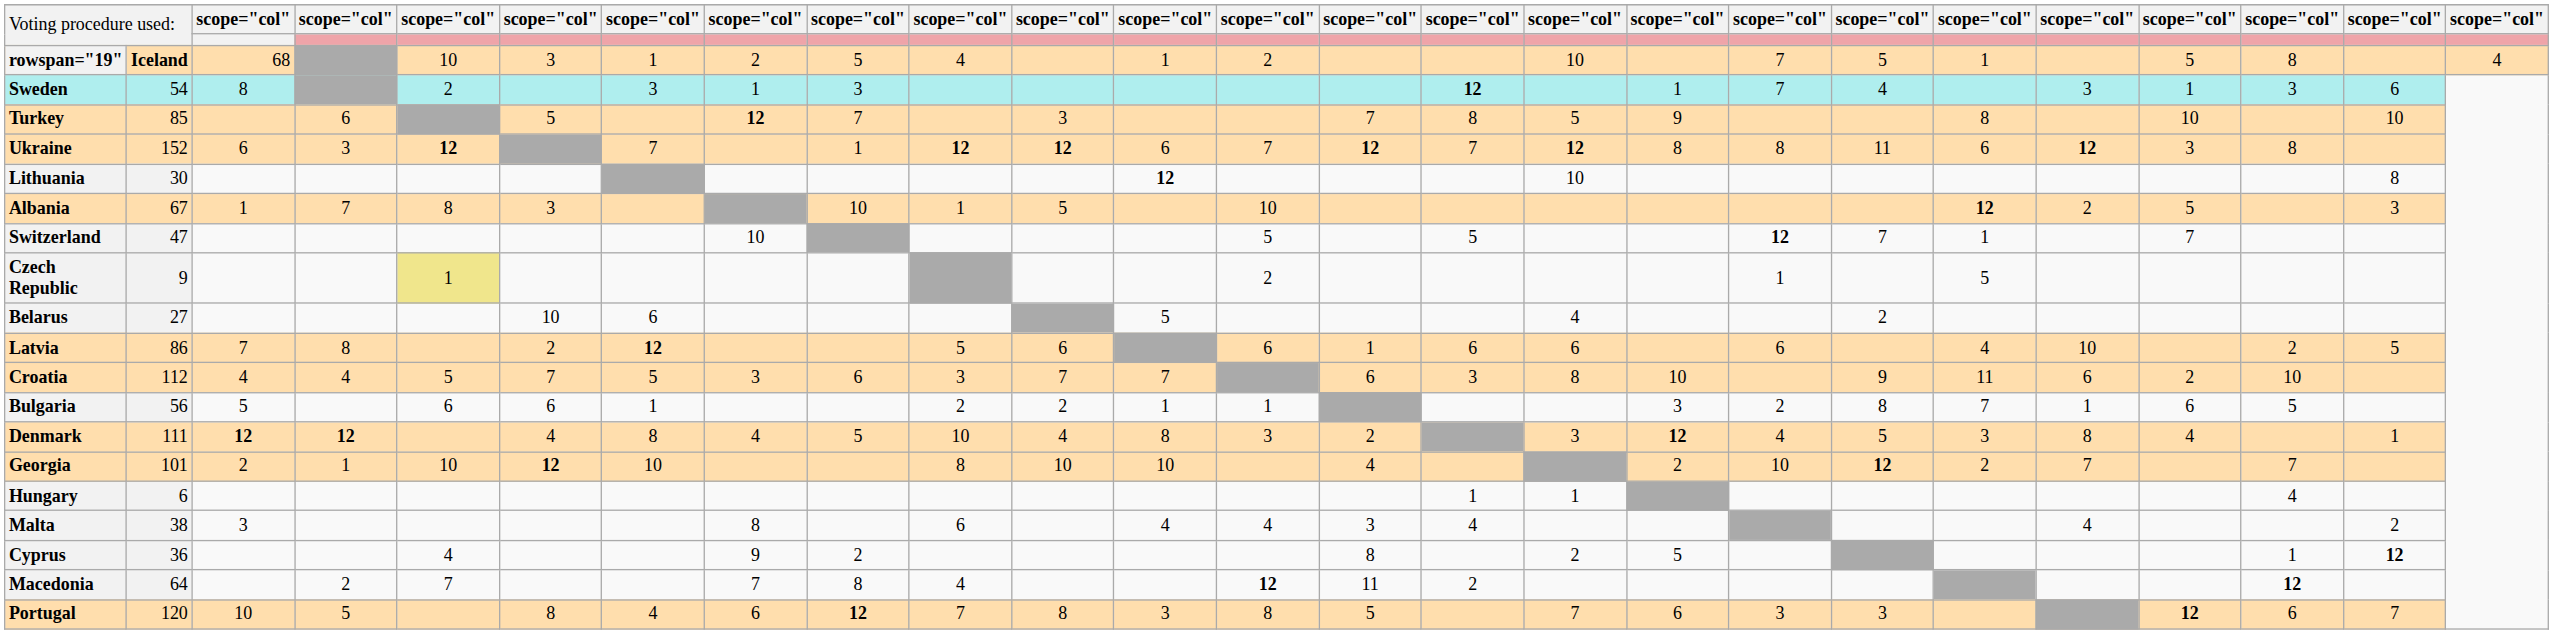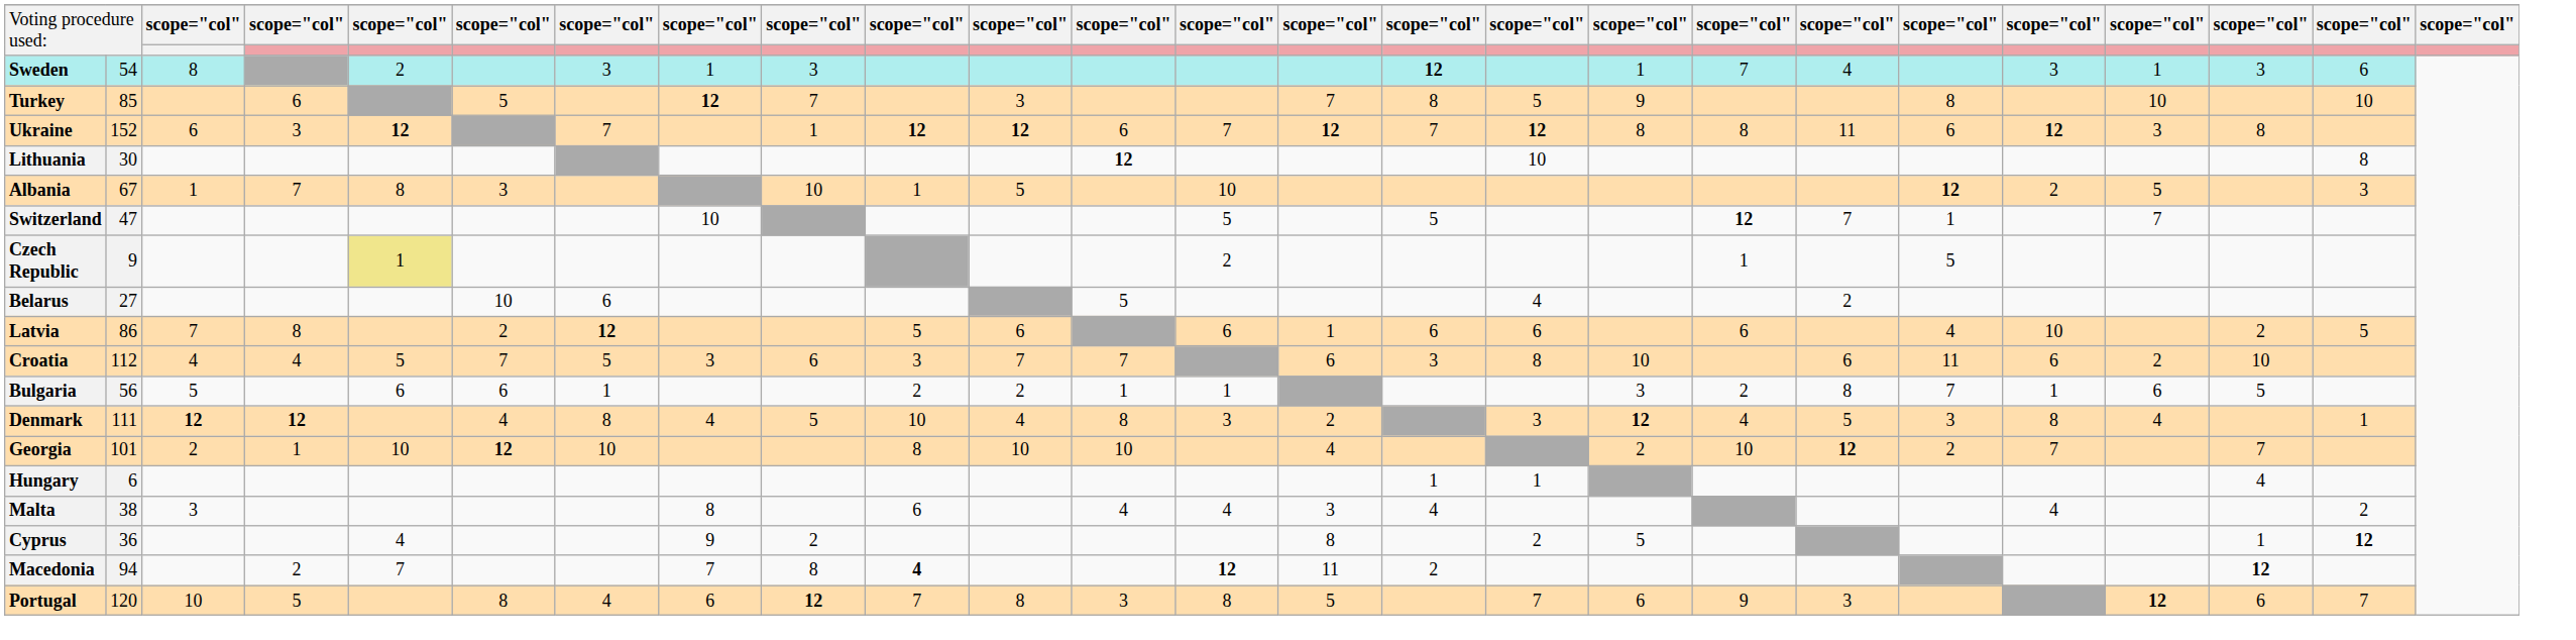 <table class="wikitable plainrowheaders" style="text-align:center; font-size:85%;">
 <tr>
 </tr>
 <tr>
 <td colspan="2" rowspan="2" style="text-align:left; background:#F2F2F2">Voting procedure used:<br></td>
 <th>scope="col" </th>
 <th>scope="col" </th>
 <th>scope="col" </th>
 <th>scope="col" </th>
 <th>scope="col" </th>
 <th>scope="col" </th>
 <th>scope="col" </th>
 <th>scope="col" </th>
 <th>scope="col" </th>
 <th>scope="col" </th>
 <th>scope="col" </th>
 <th>scope="col" </th>
 <th>scope="col" </th>
 <th>scope="col" </th>
 <th>scope="col" </th>
 <th>scope="col" </th>
 <th>scope="col" </th>
 <th>scope="col" </th>
 <th>scope="col" </th>
 <th>scope="col" </th>
 <th>scope="col" </th>
 <th>scope="col" </th>
 <th>scope="col" </th>
 </tr>
 <tr>
 <th style="height:2px; border-top:1px solid transparent;"></th>
 <td style="background:#EFA4A9;"></td>
 <td style="background:#EFA4A9;"></td>
 <td style="background:#EFA4A9;"></td>
 <td style="background:#EFA4A9;"></td>
 <td style="background:#EFA4A9;"></td>
 <td style="background:#EFA4A9;"></td>
 <td style="background:#EFA4A9;"></td>
 <td style="background:#EFA4A9;"></td>
 <td style="background:#EFA4A9;"></td>
 <td style="background:#EFA4A9;"></td>
 <td style="background:#EFA4A9;"></td>
 <td style="background:#EFA4A9;"></td>
 <td style="background:#EFA4A9;"></td>
 <td style="background:#EFA4A9;"></td>
 <td style="background:#EFA4A9;"></td>
 <td style="background:#EFA4A9;"></td>
 <td style="background:#EFA4A9;"></td>
 <td style="background:#EFA4A9;"></td>
 <td style="background:#EFA4A9;"></td>
 <td style="background:#EFA4A9;"></td>
 <td style="background:#EFA4A9;"></td>
 <td style="background:#EFA4A9;"></td>
-</tr>
-<tr style="background:#ffdead;">
-<th>rowspan="19" </th>
-<th scope="row" style="text-align:left; font-weight:bold; background:#ffdead;">Iceland</th>
-<td style="text-align:right;">68</td>
-<td style="text-align:left; background:#aaa;"></td>
-<td>10</td>
-<td>3</td>
-<td>1</td>
-<td>2</td>
-<td>5</td>
-<td>4</td>
-<td></td>
-<td>1</td>
-<td>2</td>
-<td></td>
-<td></td>
-<td>10</td>
-<td></td>
-<td>7</td>
-<td>5</td>
-<td>1</td>
-<td></td>
-<td>5</td>
-<td>8</td>
-<td></td>
-<td>4</td>
 </tr>
 <tr style="background:paleturquoise;">
 <th scope="row" style="text-align:left; font-weight:bold; background:paleturquoise;">Sweden </th>
 <td style="text-align:right;">54</td>
 <td>8</td>
 <td style="text-align:left; background:#aaa;"></td>
 <td>2</td>
 <td></td>
 <td>3</td>
 <td>1</td>
 <td>3</td>
 <td></td>
 <td></td>
 <td></td>
 <td></td>
 <td></td>
 <td><strong>12</strong></td>
 <td></td>
 <td>1</td>
 <td>7</td>
 <td>4</td>
 <td></td>
 <td>3</td>
 <td>1</td>
 <td>3</td>
 <td>6</td>
 </tr>
 <tr style="background:#ffdead;">
 <th scope="row" style="text-align:left; font-weight:bold; background:#ffdead;">Turkey</th>
 <td style="text-align:right;">85</td>
 <td></td>
 <td>6</td>
 <td style="text-align:left; background:#aaa;"></td>
 <td>5</td>
 <td></td>
 <td><strong>12</strong></td>
 <td>7</td>
 <td></td>
 <td>3</td>
 <td></td>
 <td></td>
 <td>7</td>
 <td>8</td>
 <td>5</td>
 <td>9</td>
 <td></td>
 <td></td>
 <td>8</td>
 <td></td>
 <td>10</td>
 <td></td>
 <td>10</td>
 </tr>
 <tr style="background:#ffdead;">
 <th scope="row" style="text-align:left; font-weight:bold; background:#ffdead;">Ukraine</th>
 <td style="text-align:right;">152</td>
 <td>6</td>
 <td>3</td>
 <td><strong>12</strong></td>
 <td style="text-align:left; background:#aaa;"></td>
 <td>7</td>
 <td></td>
 <td>1</td>
 <td><strong>12</strong></td>
 <td><strong>12</strong></td>
 <td>6</td>
 <td>7</td>
 <td><strong>12</strong></td>
 <td>7</td>
 <td><strong>12</strong></td>
 <td>8</td>
 <td>8</td>
 <td>11</td>
 <td>6</td>
 <td><strong>12</strong></td>
 <td>3</td>
 <td>8</td>
 <td></td>
 </tr>
 <tr>
 <th scope="row" style="text-align:left; background:#f2f2f2;">Lithuania</th>
 <td style="text-align:right; background:#f2f2f2;">30</td>
 <td></td>
 <td></td>
 <td></td>
 <td></td>
 <td style="text-align:left; background:#aaa;"></td>
 <td></td>
 <td></td>
 <td></td>
 <td></td>
 <td><strong>12</strong></td>
 <td></td>
 <td></td>
 <td></td>
 <td>10</td>
 <td></td>
 <td></td>
 <td></td>
 <td></td>
 <td></td>
 <td></td>
 <td></td>
 <td>8</td>
 </tr>
 <tr style="background:#ffdead;">
 <th scope="row" style="text-align:left; font-weight:bold; background:#ffdead;">Albania</th>
 <td style="text-align:right;">67</td>
 <td>1</td>
 <td>7</td>
 <td>8</td>
 <td>3</td>
 <td></td>
 <td style="text-align:left; background:#aaa;"></td>
 <td>10</td>
 <td>1</td>
 <td>5</td>
 <td></td>
 <td>10</td>
 <td></td>
 <td></td>
 <td></td>
 <td></td>
 <td></td>
 <td></td>
 <td><strong>12</strong></td>
 <td>2</td>
 <td>5</td>
 <td></td>
 <td>3</td>
 </tr>
 <tr>
 <th scope="row" style="text-align:left; background:#f2f2f2;">Switzerland</th>
 <td style="text-align:right; background:#f2f2f2;">47</td>
 <td></td>
 <td></td>
 <td></td>
 <td></td>
 <td></td>
 <td>10</td>
 <td style="text-align:left; background:#aaa;"></td>
 <td></td>
 <td></td>
 <td></td>
 <td>5</td>
 <td></td>
 <td>5</td>
 <td></td>
 <td></td>
 <td><strong>12</strong></td>
 <td>7</td>
 <td>1</td>
 <td></td>
 <td>7</td>
 <td></td>
 <td></td>
 </tr>
 <tr>
 <th scope="row" style="text-align:left; background:#f2f2f2;">Czech Republic</th>
 <td style="text-align:right; background:#f2f2f2;">9</td>
 <td></td>
 <td></td>
 <td style="background: khaki;">1</td>
 <td></td>
 <td></td>
 <td></td>
 <td></td>
 <td style="text-align:left; background:#aaa;"></td>
 <td></td>
 <td></td>
 <td>2</td>
 <td></td>
 <td></td>
 <td></td>
 <td></td>
 <td>1</td>
 <td></td>
 <td>5</td>
 <td></td>
 <td></td>
 <td></td>
 <td></td>
 </tr>
 <tr>
 <th scope="row" style="text-align:left; background:#f2f2f2;">Belarus</th>
 <td style="text-align:right; background:#f2f2f2;">27</td>
 <td></td>
 <td></td>
 <td></td>
 <td>10</td>
 <td>6</td>
 <td></td>
 <td></td>
 <td></td>
 <td style="text-align:left; background:#aaa;"></td>
 <td>5</td>
 <td></td>
 <td></td>
 <td></td>
 <td>4</td>
 <td></td>
 <td></td>
 <td>2</td>
 <td></td>
 <td></td>
 <td></td>
 <td></td>
 <td></td>
 </tr>
 <tr style="background:#ffdead;">
 <th scope="row" style="text-align:left; font-weight:bold; background:#ffdead;">Latvia</th>
 <td style="text-align:right;">86</td>
 <td>7</td>
 <td>8</td>
 <td></td>
 <td>2</td>
 <td><strong>12</strong></td>
 <td></td>
 <td></td>
 <td>5</td>
 <td>6</td>
 <td style="text-align:left; background:#aaa;"></td>
 <td>6</td>
 <td>1</td>
 <td>6</td>
 <td>6</td>
 <td></td>
 <td>6</td>
 <td></td>
 <td>4</td>
 <td>10</td>
 <td></td>
 <td>2</td>
 <td>5</td>
 </tr>
 <tr style="background:#ffdead;">
 <th scope="row" style="text-align:left; font-weight:bold; background:#ffdead;">Croatia</th>
 <td style="text-align:right;">112</td>
 <td>4</td>
 <td>4</td>
 <td>5</td>
 <td>7</td>
 <td>5</td>
 <td>3</td>
 <td>6</td>
 <td>3</td>
 <td>7</td>
 <td>7</td>
 <td style="text-align:left; background:#aaa;"></td>
 <td>6</td>
 <td>3</td>
 <td>8</td>
 <td>10</td>
 <td></td>
-<td>9</td>
+<td>6</td>
 <td>11</td>
 <td>6</td>
 <td>2</td>
 <td>10</td>
 <td></td>
 </tr>
 <tr>
 <th scope="row" style="text-align:left; background:#f2f2f2;">Bulgaria</th>
 <td style="text-align:right; background:#f2f2f2;">56</td>
 <td>5</td>
 <td></td>
 <td>6</td>
 <td>6</td>
 <td>1</td>
 <td></td>
 <td></td>
 <td>2</td>
 <td>2</td>
 <td>1</td>
 <td>1</td>
 <td style="text-align:left; background:#aaa;"></td>
 <td></td>
 <td></td>
 <td>3</td>
 <td>2</td>
 <td>8</td>
 <td>7</td>
 <td>1</td>
 <td>6</td>
 <td>5</td>
 <td></td>
 </tr>
 <tr style="background:#ffdead;">
 <th scope="row" style="text-align:left; font-weight:bold; background:#ffdead;">Denmark</th>
 <td style="text-align:right;">111</td>
 <td><strong>12</strong></td>
 <td><strong>12</strong></td>
 <td></td>
 <td>4</td>
 <td>8</td>
 <td>4</td>
 <td>5</td>
 <td>10</td>
 <td>4</td>
 <td>8</td>
 <td>3</td>
 <td>2</td>
 <td style="text-align:left; background:#aaa;"></td>
 <td>3</td>
 <td><strong>12</strong></td>
 <td>4</td>
 <td>5</td>
 <td>3</td>
 <td>8</td>
 <td>4</td>
 <td></td>
 <td>1</td>
 </tr>
 <tr style="background:#ffdead;">
 <th scope="row" style="text-align:left; font-weight:bold; background:#ffdead;">Georgia</th>
 <td style="text-align:right;">101</td>
 <td>2</td>
 <td>1</td>
 <td>10</td>
 <td><strong>12</strong></td>
 <td>10</td>
 <td></td>
 <td></td>
 <td>8</td>
 <td>10</td>
 <td>10</td>
 <td></td>
 <td>4</td>
 <td></td>
 <td style="text-align:left; background:#aaa;"></td>
 <td>2</td>
 <td>10</td>
 <td><strong>12</strong></td>
 <td>2</td>
 <td>7</td>
 <td></td>
 <td>7</td>
 <td></td>
 </tr>
 <tr>
 <th scope="row" style="text-align:left; background:#f2f2f2;">Hungary</th>
 <td style="text-align:right; background:#f2f2f2;">6</td>
 <td></td>
 <td></td>
 <td></td>
 <td></td>
 <td></td>
 <td></td>
 <td></td>
 <td></td>
 <td></td>
 <td></td>
 <td></td>
 <td></td>
 <td>1</td>
 <td>1</td>
 <td style="text-align:left; background:#aaa;"></td>
 <td></td>
 <td></td>
 <td></td>
 <td></td>
 <td></td>
 <td>4</td>
 <td></td>
 </tr>
 <tr>
 <th scope="row" style="text-align:left; background:#f2f2f2;">Malta</th>
 <td style="text-align:right; background:#f2f2f2;">38</td>
 <td>3</td>
 <td></td>
 <td></td>
 <td></td>
 <td></td>
 <td>8</td>
 <td></td>
 <td>6</td>
 <td></td>
 <td>4</td>
 <td>4</td>
 <td>3</td>
 <td>4</td>
 <td></td>
 <td></td>
 <td style="text-align:left; background:#aaa;"></td>
 <td></td>
 <td></td>
 <td>4</td>
 <td></td>
 <td></td>
 <td>2</td>
 </tr>
 <tr>
 <th scope="row" style="text-align:left; background:#f2f2f2;">Cyprus</th>
 <td style="text-align:right; background:#f2f2f2;">36</td>
 <td></td>
 <td></td>
 <td>4</td>
 <td></td>
 <td></td>
 <td>9</td>
 <td>2</td>
 <td></td>
 <td></td>
 <td></td>
 <td></td>
 <td>8</td>
 <td></td>
 <td>2</td>
 <td>5</td>
 <td></td>
 <td style="text-align:left; background:#aaa;"></td>
 <td></td>
 <td></td>
 <td></td>
 <td>1</td>
 <td><strong>12</strong></td>
 </tr>
 <tr>
 <th scope="row" style="text-align:left; background:#f2f2f2;">Macedonia</th>
-<td style="text-align:right; background:#f2f2f2;">64</td>
+<td style="text-align:right; background:#f2f2f2;">94</td>
 <td></td>
 <td>2</td>
 <td>7</td>
 <td></td>
 <td></td>
 <td>7</td>
 <td>8</td>
-<td>4</td>
+<td><strong>4</strong></td>
 <td></td>
 <td></td>
 <td><strong>12</strong></td>
 <td>11</td>
 <td>2</td>
 <td></td>
 <td></td>
 <td></td>
 <td></td>
 <td style="text-align:left; background:#aaa;"></td>
 <td></td>
 <td></td>
 <td><strong>12</strong></td>
 <td></td>
 </tr>
 <tr style="background:#ffdead;">
 <th scope="row" style="text-align:left; font-weight:bold; background:#ffdead;">Portugal</th>
 <td style="text-align:right;">120</td>
 <td>10</td>
 <td>5</td>
 <td></td>
 <td>8</td>
 <td>4</td>
 <td>6</td>
 <td><strong>12</strong></td>
 <td>7</td>
 <td>8</td>
 <td>3</td>
 <td>8</td>
 <td>5</td>
 <td></td>
 <td>7</td>
 <td>6</td>
-<td>3</td>
+<td>9</td>
 <td>3</td>
 <td></td>
 <td style="text-align:left; background:#aaa;"></td>
 <td><strong>12</strong></td>
 <td>6</td>
 <td>7</td>
 </tr>
 </table>
